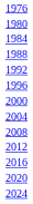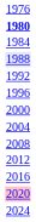 <table>
 <tr>
 <td><a href='#'>1976</a></td>
 <td></td>
 <td></td>
 <td></td>
 </tr>
 <tr>
-<td><a href='#'>1980</a></td>
+<td><strong><a href='#'>1980</a></strong></td>
 <td></td>
 <td></td>
 <td></td>
 </tr>
 <tr>
 <td><a href='#'>1984</a></td>
 <td></td>
 <td></td>
 <td></td>
 </tr>
 <tr>
-<td><a href='#'>1988</a></td>
+<td style="background: lavender;"><a href='#'>1988</a></td>
 <td></td>
 <td></td>
 <td></td>
 </tr>
 <tr>
 <td><a href='#'>1992</a></td>
 <td></td>
 <td></td>
 <td></td>
 </tr>
 <tr>
 <td><a href='#'>1996</a></td>
 <td></td>
 <td></td>
 <td></td>
 </tr>
 <tr>
 <td><a href='#'>2000</a></td>
 <td></td>
 <td></td>
 <td></td>
 </tr>
 <tr>
 <td><a href='#'>2004</a></td>
 <td></td>
 <td></td>
 <td></td>
 </tr>
 <tr>
 <td><a href='#'>2008</a></td>
 <td></td>
 <td></td>
 <td></td>
 </tr>
 <tr>
 <td><a href='#'>2012</a></td>
 <td></td>
 <td></td>
 <td></td>
 </tr>
 <tr>
 <td><a href='#'>2016</a></td>
 <td></td>
 <td></td>
 <td></td>
 </tr>
 <tr>
-<td><a href='#'>2020</a></td>
+<td style="background: pink;"><a href='#'>2020</a></td>
 <td></td>
 <td></td>
 <td></td>
 </tr>
 <tr>
 <td><a href='#'>2024</a></td>
 <td></td>
 <td></td>
 <td></td>
 </tr>
 </table>
